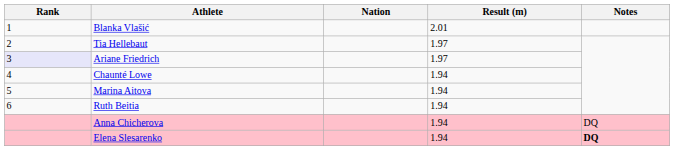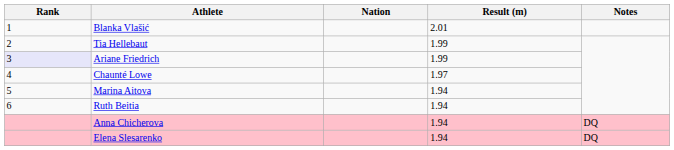 <table class="wikitable" style="text=align:center;" width=85%>
 <tr>
 <th>Rank</th>
 <th>Athlete</th>
 <th>Nation</th>
 <th>Result (m)</th>
 <th>Notes</th>
 </tr>
 <tr>
 <td>1</td>
 <td><a href='#'>Blanka Vlašić</a></td>
 <td></td>
 <td>2.01</td>
 <td></td>
 </tr>
 <tr>
 <td>2</td>
 <td><a href='#'>Tia Hellebaut</a></td>
 <td></td>
-<td>1.97</td>
+<td>1.99</td>
 </tr>
 <tr>
 <td style="background: lavender;">3</td>
 <td><a href='#'>Ariane Friedrich</a></td>
 <td></td>
-<td>1.97</td>
+<td>1.99</td>
 </tr>
 <tr>
 <td>4</td>
 <td><a href='#'>Chaunté Lowe</a></td>
 <td></td>
-<td>1.94</td>
+<td>1.97</td>
 </tr>
 <tr>
 <td>5</td>
 <td><a href='#'>Marina Aitova</a></td>
 <td></td>
 <td>1.94</td>
 </tr>
 <tr>
 <td>6</td>
 <td><a href='#'>Ruth Beitia</a></td>
 <td></td>
 <td>1.94</td>
 </tr>
 <tr bgcolor=pink>
 <td></td>
 <td><a href='#'>Anna Chicherova</a></td>
 <td></td>
 <td>1.94</td>
 <td>DQ</td>
 </tr>
 <tr bgcolor=pink>
 <td></td>
 <td><a href='#'>Elena Slesarenko</a></td>
 <td></td>
 <td>1.94</td>
-<td><strong>DQ</strong></td>
+<td>DQ</td>
 </tr>
 </table>
